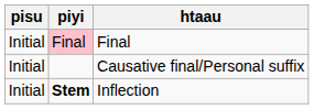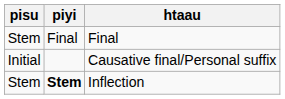 <table class="wikitable">
 <tr>
 <th>pisu</th>
 <th>piyi</th>
 <th>htaau</th>
 </tr>
 <tr>
-<td>Initial</td>
-<td style="background: pink;">Final</td>
+<td>Stem</td>
+<td>Final</td>
 <td>Final</td>
 </tr>
 <tr>
 <td>Initial</td>
 <td></td>
 <td>Causative final/Personal suffix</td>
 </tr>
 <tr>
-<td>Initial</td>
+<td>Stem</td>
 <td><strong>Stem</strong></td>
 <td>Inflection</td>
 </tr>
 </table>
